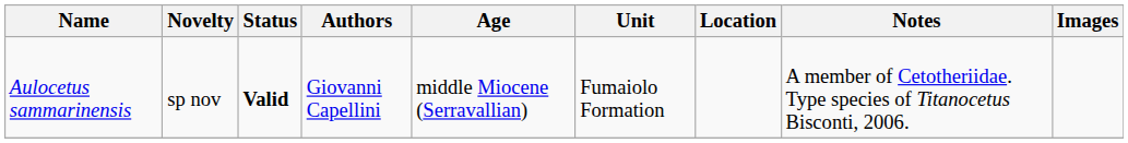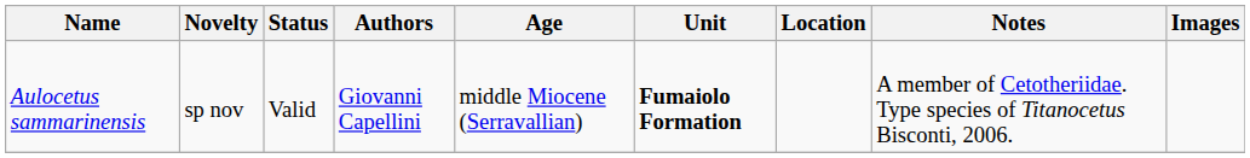 <table class="wikitable sortable" align="center" width="100%">
 <tr>
 <th>Name</th>
 <th>Novelty</th>
 <th>Status</th>
 <th>Authors</th>
 <th>Age</th>
 <th>Unit</th>
 <th>Location</th>
 <th>Notes</th>
 <th>Images</th>
 </tr>
 <tr>
 <td><br><em><a href='#'>Aulocetus sammarinensis</a></em></td>
 <td><br>sp nov</td>
-<td><strong><br>Valid</strong></td>
+<td><br>Valid</td>
 <td><br><a href='#'>Giovanni Capellini</a></td>
 <td><br>middle <a href='#'>Miocene</a> (<a href='#'>Serravallian</a>)</td>
-<td><br>Fumaiolo Formation</td>
+<td><strong><br>Fumaiolo Formation</strong></td>
 <td><br></td>
 <td><br>A member of <a href='#'>Cetotheriidae</a>. Type species of <em>Titanocetus</em> Bisconti, 2006.</td>
 <td><br></td>
 </tr>
 <tr>
 </tr>
 </table>
